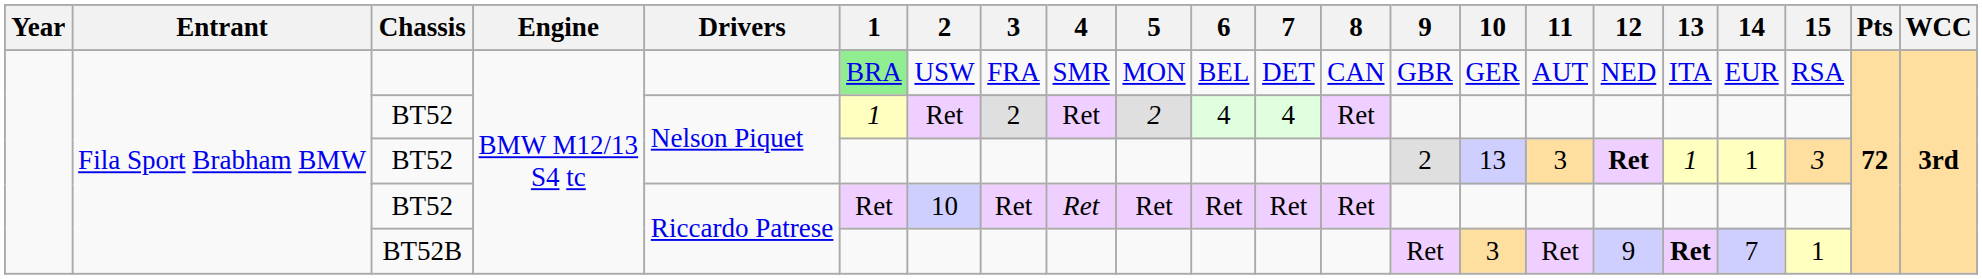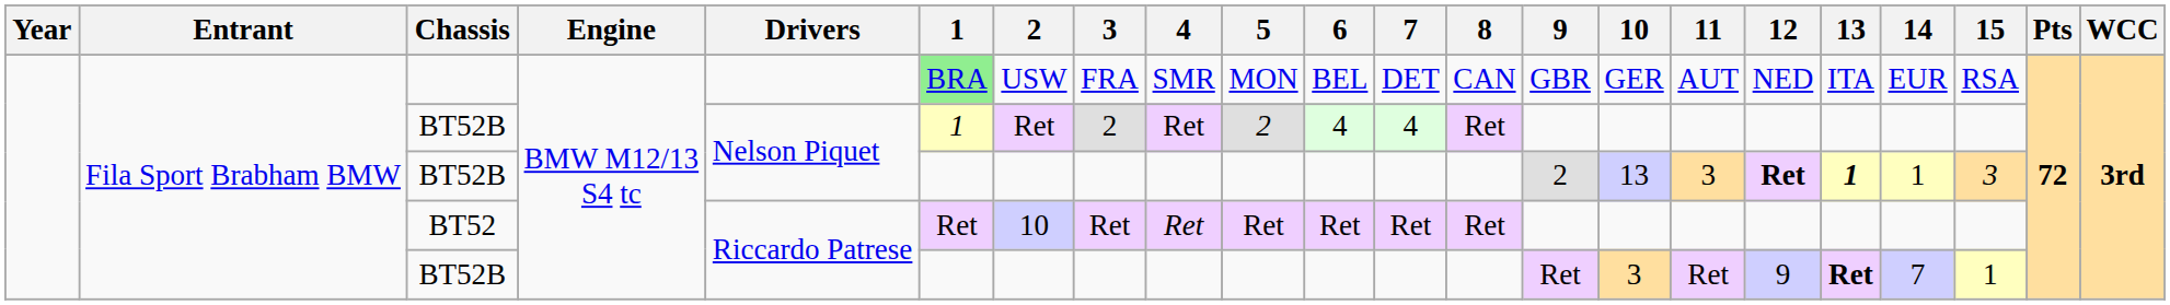 <table class="wikitable" style="text-align:center; font-size:90%">
 <tr>
 <th>Year</th>
 <th>Entrant</th>
 <th>Chassis</th>
 <th>Engine</th>
 <th>Drivers</th>
 <th>1</th>
 <th>2</th>
 <th>3</th>
 <th>4</th>
 <th>5</th>
 <th>6</th>
 <th>7</th>
 <th>8</th>
 <th>9</th>
 <th>10</th>
 <th>11</th>
 <th>12</th>
 <th>13</th>
 <th>14</th>
 <th>15</th>
 <th>Pts</th>
 <th>WCC</th>
 </tr>
 <tr>
 <td rowspan="5"></td>
 <td rowspan="5"><a href='#'>Fila Sport</a> <a href='#'>Brabham</a> <a href='#'>BMW</a></td>
 <td></td>
 <td rowspan="5"><a href='#'>BMW M12/13</a><br><a href='#'>S4</a> <a href='#'>tc</a></td>
 <td></td>
 <td style="background: lightgreen;"><a href='#'>BRA</a></td>
 <td><a href='#'>USW</a></td>
 <td><a href='#'>FRA</a></td>
 <td><a href='#'>SMR</a></td>
 <td><a href='#'>MON</a></td>
 <td><a href='#'>BEL</a></td>
 <td><a href='#'>DET</a></td>
 <td><a href='#'>CAN</a></td>
 <td><a href='#'>GBR</a></td>
 <td><a href='#'>GER</a></td>
 <td><a href='#'>AUT</a></td>
 <td><a href='#'>NED</a></td>
 <td><a href='#'>ITA</a></td>
 <td><a href='#'>EUR</a></td>
 <td><a href='#'>RSA</a></td>
 <td rowspan="5" style="background:#ffdf9f;"><strong>72</strong></td>
 <td rowspan="5" style="background:#ffdf9f;"><strong>3rd</strong></td>
 </tr>
 <tr>
-<td>BT52</td>
+<td>BT52B</td>
 <td align="left" rowspan="2"><a href='#'>Nelson Piquet</a></td>
 <td style="background:#ffffbf;"><em>1</em></td>
 <td style="background:#efcfff;">Ret</td>
 <td style="background:#dfdfdf;">2</td>
 <td style="background:#efcfff;">Ret</td>
 <td style="background:#dfdfdf;"><em>2</em></td>
 <td style="background:#dfffdf;">4</td>
 <td style="background:#dfffdf;">4</td>
 <td style="background:#efcfff;">Ret</td>
 <td></td>
 <td></td>
 <td></td>
 <td></td>
 <td></td>
 <td></td>
 <td></td>
 </tr>
 <tr>
-<td>BT52</td>
+<td>BT52B</td>
 <td></td>
 <td></td>
 <td></td>
 <td></td>
 <td></td>
 <td></td>
 <td></td>
 <td></td>
 <td style="background:#dfdfdf;">2</td>
 <td style="background:#cfcfff;">13</td>
 <td style="background:#ffdf9f;">3</td>
 <td style="background:#efcfff;"><strong>Ret</strong></td>
-<td style="background:#ffffbf;"><em>1</em></td>
+<td style="background:#ffffbf;"><strong><em>1</em></strong></td>
 <td style="background:#ffffbf;">1</td>
 <td style="background:#ffdf9f;"><em>3</em></td>
 </tr>
 <tr>
 <td>BT52</td>
 <td align="left" rowspan="2"><a href='#'>Riccardo Patrese</a></td>
 <td style="background:#efcfff;">Ret</td>
 <td style="background:#cfcfff;">10</td>
 <td style="background:#efcfff;">Ret</td>
 <td style="background:#efcfff;"><em>Ret</em></td>
 <td style="background:#efcfff;">Ret</td>
 <td style="background:#efcfff;">Ret</td>
 <td style="background:#efcfff;">Ret</td>
 <td style="background:#efcfff;">Ret</td>
 <td></td>
 <td></td>
 <td></td>
 <td></td>
 <td></td>
 <td></td>
 <td></td>
 </tr>
 <tr>
 <td>BT52B</td>
 <td></td>
 <td></td>
 <td></td>
 <td></td>
 <td></td>
 <td></td>
 <td></td>
 <td></td>
 <td style="background:#efcfff;">Ret</td>
 <td style="background:#ffdf9f;">3</td>
 <td style="background:#efcfff;">Ret</td>
 <td style="background:#cfcfff;">9</td>
 <td style="background:#efcfff;"><strong>Ret</strong></td>
 <td style="background:#cfcfff;">7</td>
 <td style="background:#ffffbf;">1</td>
 </tr>
 </table>
